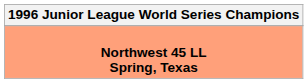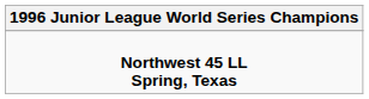 <table class="wikitable" style="text-align: center; margin: 0 auto;">
 <tr>
 <th>1996 Junior League World Series Champions</th>
 </tr>
 <tr>
 </tr>
 <tr>
-<td style="background: lightsalmon;"><br><strong>Northwest 45 LL</strong><br><strong>Spring, Texas</strong></td>
+<td><br><strong>Northwest 45 LL</strong><br><strong>Spring, Texas</strong></td>
 </tr>
 </table>
